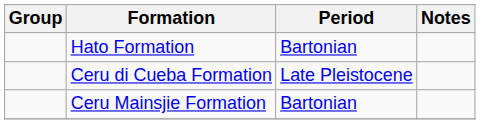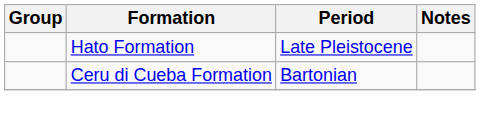 <table class="wikitable sortable">
 <tr>
 <th>Group</th>
 <th>Formation</th>
 <th>Period</th>
 <th class="unsortable">Notes</th>
 </tr>
 <tr>
 <td></td>
 <td><a href='#'>Hato Formation</a></td>
-<td style="background-color: "><a href='#'>Bartonian</a></td>
+<td style="background-color: "><a href='#'>Late Pleistocene</a></td>
 <td align=center></td>
 </tr>
 <tr>
 <td></td>
 <td><a href='#'>Ceru di Cueba Formation</a></td>
-<td style="background-color: "><a href='#'>Late Pleistocene</a></td>
-<td align=center></td>
-</tr>
-<tr>
-<td></td>
-<td><a href='#'>Ceru Mainsjie Formation</a></td>
 <td style="background-color: "><a href='#'>Bartonian</a></td>
 <td align=center></td>
 </tr>
 <tr>
 </tr>
 </table>
